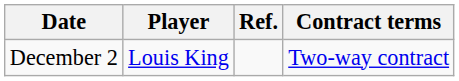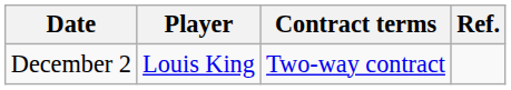 <table class="wikitable sortable sortable" style="text-align: center">
 <tr>
 <th>Date</th>
 <th>Player</th>
+<th>Contract terms</th>
 <th>Ref.</th>
-<th>Contract terms</th>
 </tr>
 <tr style="text-align: center">
 <td>December 2</td>
 <td><a href='#'>Louis King</a></td>
+<td><a href='#'>Two-way contract</a></td>
 <td></td>
-<td><a href='#'>Two-way contract</a></td>
 </tr>
 </table>
